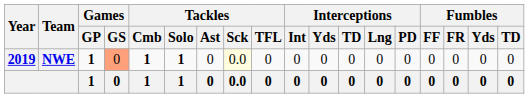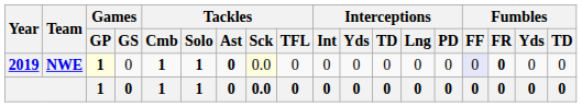 <table class="wikitable" style="text-align:center">
 <tr>
 <th rowspan="2">Year</th>
 <th rowspan="2">Team</th>
 <th colspan="2">Games</th>
 <th colspan="5">Tackles</th>
 <th colspan="5">Interceptions</th>
 <th colspan="4">Fumbles</th>
 </tr>
 <tr>
 <th>GP</th>
 <th>GS</th>
 <th>Cmb</th>
 <th>Solo</th>
 <th>Ast</th>
 <th>Sck</th>
 <th>TFL</th>
 <th>Int</th>
 <th>Yds</th>
 <th>TD</th>
 <th>Lng</th>
 <th>PD</th>
 <th>FF</th>
 <th>FR</th>
 <th>Yds</th>
 <th>TD</th>
 </tr>
 <tr>
 <th><a href='#'>2019</a></th>
 <th><a href='#'>NWE</a></th>
-<td><strong>1</strong></td>
-<td style="background: lightsalmon;">0</td>
+<td style="background: lightyellow;"><strong>1</strong></td>
+<td>0</td>
 <td><strong>1</strong></td>
 <td><strong>1</strong></td>
-<td>0</td>
+<td><strong>0</strong></td>
 <td style="background: lightyellow;">0.0</td>
 <td>0</td>
 <td>0</td>
 <td>0</td>
 <td>0</td>
 <td>0</td>
 <td>0</td>
-<td>0</td>
-<td>0</td>
+<td style="background: lavender;">0</td>
+<td><strong>0</strong></td>
 <td>0</td>
 <td>0</td>
 </tr>
 <tr>
 <th colspan="2"></th>
 <th>1</th>
 <th>0</th>
 <th>1</th>
 <th>1</th>
 <th>0</th>
 <th>0.0</th>
 <th>0</th>
 <th>0</th>
 <th>0</th>
 <th>0</th>
 <th>0</th>
 <th>0</th>
 <th>0</th>
 <th>0</th>
 <th>0</th>
 <th>0</th>
 </tr>
 </table>
